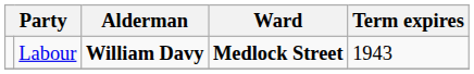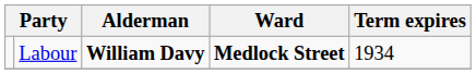 <table class="wikitable">
 <tr>
 <th colspan="2">Party</th>
 <th>Alderman</th>
 <th>Ward</th>
 <th>Term expires</th>
 </tr>
 <tr>
 <td style="background-color:"></td>
 <td><a href='#'>Labour</a></td>
 <td><strong>William Davy</strong></td>
 <td><strong>Medlock Street</strong></td>
-<td>1943</td>
+<td>1934</td>
 </tr>
 <tr>
 </tr>
 </table>
